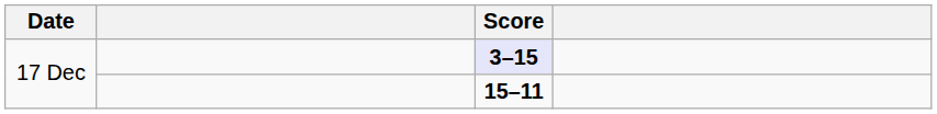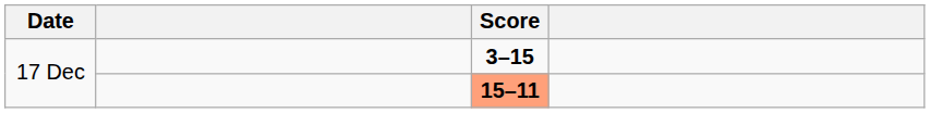 <table class="wikitable" style="text-align: center;">
 <tr>
 <th width="60">Date</th>
 <th align="right" width="270"></th>
 <th width="50">Score</th>
 <th align="left" width="270"></th>
 </tr>
 <tr>
 <td rowspan=2>17 Dec</td>
 <td align=left></td>
-<td align=center style="background: lavender;"><strong>3–15</strong></td>
+<td align=center><strong>3–15</strong></td>
 <td align=left><strong></strong></td>
 </tr>
 <tr>
 <td align=left><strong></strong></td>
-<td align=center><strong>15–11</strong></td>
+<td align=center style="background: lightsalmon;"><strong>15–11</strong></td>
 <td align=left></td>
 </tr>
 </table>
